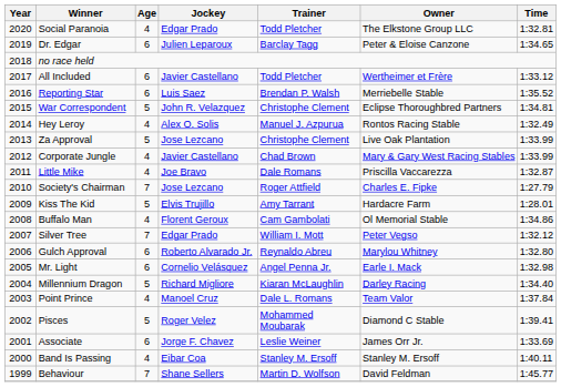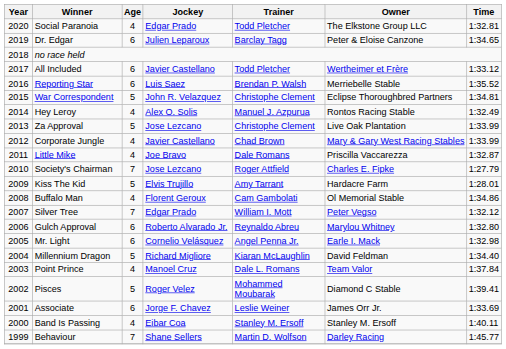 <table class="wikitable sortable" style="font-size:90%">
 <tr>
 <th style="width:38px">Year<br></th>
 <th style="width:135px">Winner<br></th>
 <th>Age<br></th>
 <th style="width:135px">Jockey<br></th>
 <th style="width:140px">Trainer<br></th>
 <th>Owner<br></th>
 <th>Time</th>
 </tr>
 <tr>
 <td align=center>2020</td>
 <td>Social Paranoia</td>
 <td align=center>4</td>
 <td><a href='#'>Edgar Prado</a></td>
 <td><a href='#'>Todd Pletcher</a></td>
 <td>The Elkstone Group LLC</td>
 <td>1:32.81</td>
 </tr>
 <tr>
 <td align=center>2019</td>
 <td>Dr. Edgar</td>
 <td align=center>6</td>
 <td><a href='#'>Julien Leparoux</a></td>
 <td><a href='#'>Barclay Tagg</a></td>
 <td>Peter & Eloise Canzone</td>
 <td>1:34.65</td>
 </tr>
 <tr>
 <td align=center>2018</td>
 <td colspan=8><em>no race held</em></td>
 </tr>
 <tr>
 <td align=center>2017</td>
 <td>All Included</td>
 <td align=center>6</td>
 <td><a href='#'>Javier Castellano</a></td>
 <td><a href='#'>Todd Pletcher</a></td>
 <td><a href='#'>Wertheimer et Frère</a></td>
 <td>1:33.12</td>
 </tr>
 <tr>
 <td align=center>2016</td>
 <td><a href='#'>Reporting Star</a></td>
 <td align=center>6</td>
 <td><a href='#'>Luis Saez</a></td>
 <td><a href='#'>Brendan P. Walsh</a></td>
 <td>Merriebelle Stable</td>
 <td>1:35.52</td>
 </tr>
 <tr>
 <td align=center>2015</td>
 <td><a href='#'>War Correspondent</a></td>
 <td align=center>5</td>
 <td><a href='#'>John R. Velazquez</a></td>
 <td><a href='#'>Christophe Clement</a></td>
 <td>Eclipse Thoroughbred Partners</td>
 <td>1:34.81</td>
 </tr>
 <tr>
 <td align=center>2014</td>
 <td>Hey Leroy</td>
 <td align=center>4</td>
 <td><a href='#'>Alex O. Solis</a></td>
 <td><a href='#'>Manuel J. Azpurua</a></td>
 <td>Rontos Racing Stable</td>
 <td>1:32.49</td>
 </tr>
 <tr>
 <td align=center>2013</td>
 <td>Za Approval</td>
 <td align=center>5</td>
 <td><a href='#'>Jose Lezcano</a></td>
 <td><a href='#'>Christophe Clement</a></td>
 <td>Live Oak Plantation</td>
 <td>1:33.99</td>
 </tr>
 <tr>
 <td align=center>2012</td>
 <td>Corporate Jungle</td>
 <td align=center>4</td>
 <td><a href='#'>Javier Castellano</a></td>
 <td><a href='#'>Chad Brown</a></td>
 <td><a href='#'>Mary & Gary West Racing Stables</a></td>
 <td>1:33.99</td>
 </tr>
 <tr>
 <td align=center>2011</td>
 <td><a href='#'>Little Mike</a></td>
 <td align=center>4</td>
 <td><a href='#'>Joe Bravo</a></td>
 <td><a href='#'>Dale Romans</a></td>
 <td>Priscilla Vaccarezza</td>
 <td>1:32.87</td>
 </tr>
 <tr>
 <td align=center>2010</td>
 <td>Society's Chairman</td>
 <td align=center>7</td>
 <td><a href='#'>Jose Lezcano</a></td>
 <td><a href='#'>Roger Attfield</a></td>
 <td><a href='#'>Charles E. Fipke</a></td>
 <td>1:27.79</td>
 </tr>
 <tr>
 <td align=center>2009</td>
 <td>Kiss The Kid</td>
 <td align=center>5</td>
 <td><a href='#'>Elvis Trujillo</a></td>
 <td><a href='#'>Amy Tarrant</a></td>
 <td>Hardacre Farm</td>
 <td>1:28.01</td>
 </tr>
 <tr>
 <td align=center>2008</td>
 <td>Buffalo Man</td>
 <td align=center>4</td>
 <td><a href='#'>Florent Geroux</a></td>
 <td><a href='#'>Cam Gambolati</a></td>
 <td>Ol Memorial Stable</td>
 <td>1:34.86</td>
 </tr>
 <tr>
 <td align=center>2007</td>
 <td>Silver Tree</td>
 <td align=center>7</td>
 <td><a href='#'>Edgar Prado</a></td>
 <td><a href='#'>William I. Mott</a></td>
 <td><a href='#'>Peter Vegso</a></td>
 <td>1:32.12</td>
 </tr>
 <tr>
 <td align=center>2006</td>
 <td>Gulch Approval</td>
 <td align=center>6</td>
 <td><a href='#'>Roberto Alvarado Jr.</a></td>
 <td><a href='#'>Reynaldo Abreu</a></td>
 <td><a href='#'>Marylou Whitney</a></td>
 <td>1:32.80</td>
 </tr>
 <tr>
 <td align=center>2005</td>
 <td>Mr. Light</td>
 <td align=center>6</td>
 <td><a href='#'>Cornelio Velásquez</a></td>
 <td><a href='#'>Angel Penna Jr.</a></td>
 <td><a href='#'>Earle I. Mack</a></td>
 <td>1:32.98</td>
 </tr>
 <tr>
 <td align=center>2004</td>
 <td>Millennium Dragon</td>
 <td align=center>5</td>
 <td><a href='#'>Richard Migliore</a></td>
 <td><a href='#'>Kiaran McLaughlin</a></td>
-<td><a href='#'>Darley Racing</a></td>
+<td>David Feldman</td>
 <td>1:34.40</td>
 </tr>
 <tr>
 <td align=center>2003</td>
 <td>Point Prince</td>
 <td align=center>4</td>
 <td><a href='#'>Manoel Cruz</a></td>
 <td><a href='#'>Dale L. Romans</a></td>
 <td><a href='#'>Team Valor</a></td>
 <td>1:37.84</td>
 </tr>
 <tr>
 <td align=center>2002</td>
 <td>Pisces</td>
 <td align=center>5</td>
 <td><a href='#'>Roger Velez</a></td>
 <td><a href='#'>Mohammed Moubarak</a></td>
 <td>Diamond C Stable</td>
 <td>1:39.41</td>
 </tr>
 <tr>
 <td align=center>2001</td>
 <td>Associate</td>
 <td align=center>6</td>
 <td><a href='#'>Jorge F. Chavez</a></td>
 <td><a href='#'>Leslie Weiner</a></td>
 <td>James Orr Jr.</td>
 <td>1:33.69</td>
 </tr>
 <tr>
 <td align=center>2000</td>
 <td>Band Is Passing</td>
 <td align=center>4</td>
 <td><a href='#'>Eibar Coa</a></td>
 <td><a href='#'>Stanley M. Ersoff</a></td>
 <td>Stanley M. Ersoff</td>
 <td>1:40.11</td>
 </tr>
 <tr>
 <td align=center>1999</td>
 <td>Behaviour</td>
 <td align=center>7</td>
 <td><a href='#'>Shane Sellers</a></td>
 <td><a href='#'>Martin D. Wolfson</a></td>
-<td>David Feldman</td>
+<td><a href='#'>Darley Racing</a></td>
 <td>1:45.77</td>
 </tr>
 <tr>
 </tr>
 </table>
